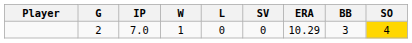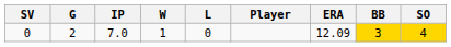 <table class="wikitable sortable">
 <tr>
-<th bgcolor="#DDDDFF" width="16%">Player</th>
+<th bgcolor="#DDDDFF" width="9%">SV</th>
 <th bgcolor="#DDDDFF" width="9%">G</th>
 <th bgcolor="#DDDDFF" width="9%">IP</th>
 <th bgcolor="#DDDDFF" width="9%">W</th>
 <th bgcolor="#DDDDFF" width="9%">L</th>
-<th bgcolor="#DDDDFF" width="9%">SV</th>
+<th bgcolor="#DDDDFF" width="16%">Player</th>
 <th bgcolor="#DDDDFF" width="9%">ERA</th>
 <th bgcolor="#DDDDFF" width="9%">BB</th>
 <th bgcolor="#DDDDFF" width="9%">SO</th>
 </tr>
 <tr align="center">
-<td></td>
+<td>0</td>
 <td>2</td>
 <td>7.0</td>
 <td>1</td>
 <td>0</td>
-<td>0</td>
-<td>10.29</td>
-<td>3</td>
+<td></td>
+<td>12.09</td>
+<td style="background: gold;">3</td>
 <td style="background: gold;">4</td>
 </tr>
 </table>
